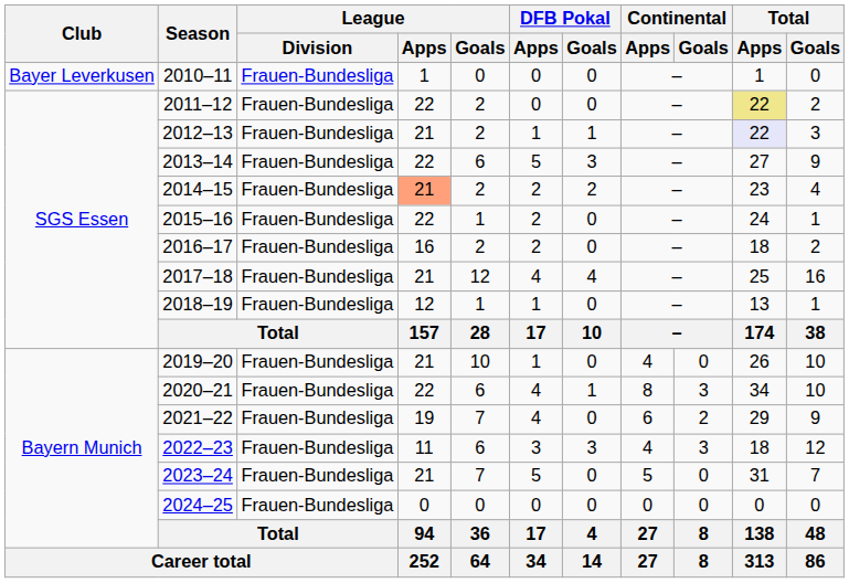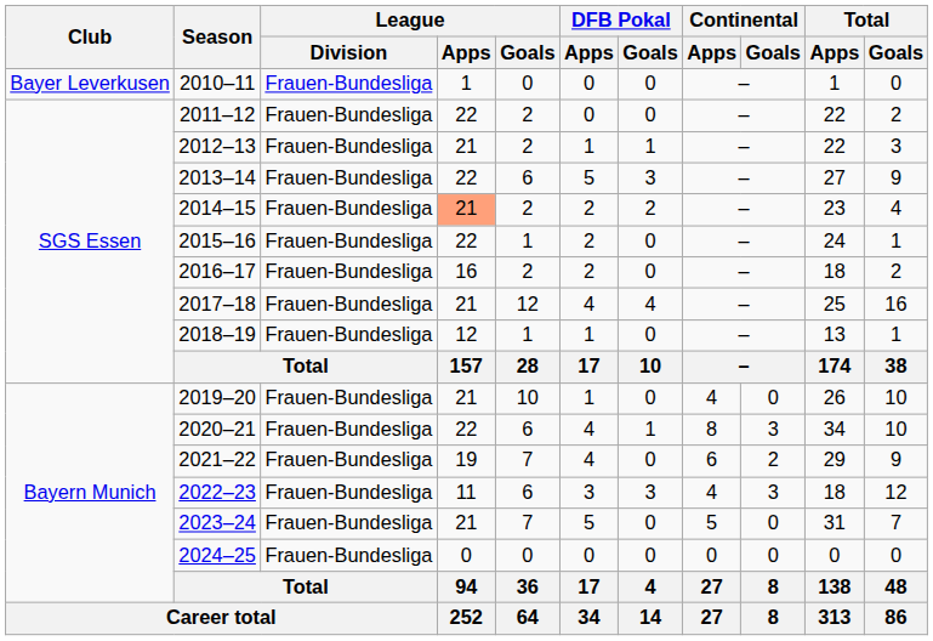 <table class="wikitable" style="text-align:center">
 <tr>
 <th rowspan="2">Club</th>
 <th rowspan="2">Season</th>
 <th colspan="3">League</th>
 <th colspan="2"><a href='#'>DFB Pokal</a></th>
 <th colspan="2">Continental</th>
 <th colspan="2">Total</th>
 </tr>
 <tr>
 <th>Division</th>
 <th>Apps</th>
 <th>Goals</th>
 <th>Apps</th>
 <th>Goals</th>
 <th>Apps</th>
 <th>Goals</th>
 <th>Apps</th>
 <th>Goals</th>
 </tr>
 <tr>
 <td><a href='#'>Bayer Leverkusen</a></td>
 <td>2010–11</td>
 <td><a href='#'>Frauen-Bundesliga</a></td>
 <td>1</td>
 <td>0</td>
 <td>0</td>
 <td>0</td>
 <td colspan="2">–</td>
 <td>1</td>
 <td>0</td>
 </tr>
 <tr>
 <td rowspan="9"><a href='#'>SGS Essen</a></td>
 <td>2011–12</td>
 <td>Frauen-Bundesliga</td>
 <td>22</td>
 <td>2</td>
 <td>0</td>
 <td>0</td>
 <td colspan="2">–</td>
-<td style="background: khaki;">22</td>
+<td>22</td>
 <td>2</td>
 </tr>
 <tr>
 <td>2012–13</td>
 <td>Frauen-Bundesliga</td>
 <td>21</td>
 <td>2</td>
 <td>1</td>
 <td>1</td>
 <td colspan="2">–</td>
-<td style="background: lavender;">22</td>
+<td>22</td>
 <td>3</td>
 </tr>
 <tr>
 <td>2013–14</td>
 <td>Frauen-Bundesliga</td>
 <td>22</td>
 <td>6</td>
 <td>5</td>
 <td>3</td>
 <td colspan="2">–</td>
 <td>27</td>
 <td>9</td>
 </tr>
 <tr>
 <td>2014–15</td>
 <td>Frauen-Bundesliga</td>
 <td style="background: lightsalmon;">21</td>
 <td>2</td>
 <td>2</td>
 <td>2</td>
 <td colspan="2">–</td>
 <td>23</td>
 <td>4</td>
 </tr>
 <tr>
 <td>2015–16</td>
 <td>Frauen-Bundesliga</td>
 <td>22</td>
 <td>1</td>
 <td>2</td>
 <td>0</td>
 <td colspan="2">–</td>
 <td>24</td>
 <td>1</td>
 </tr>
 <tr>
 <td>2016–17</td>
 <td>Frauen-Bundesliga</td>
 <td>16</td>
 <td>2</td>
 <td>2</td>
 <td>0</td>
 <td colspan="2">–</td>
 <td>18</td>
 <td>2</td>
 </tr>
 <tr>
 <td>2017–18</td>
 <td>Frauen-Bundesliga</td>
 <td>21</td>
 <td>12</td>
 <td>4</td>
 <td>4</td>
 <td colspan="2">–</td>
 <td>25</td>
 <td>16</td>
 </tr>
 <tr>
 <td>2018–19</td>
 <td>Frauen-Bundesliga</td>
 <td>12</td>
 <td>1</td>
 <td>1</td>
 <td>0</td>
 <td colspan="2">–</td>
 <td>13</td>
 <td>1</td>
 </tr>
 <tr>
 <th colspan="2">Total</th>
 <th>157</th>
 <th>28</th>
 <th>17</th>
 <th>10</th>
 <th colspan="2">–</th>
 <th>174</th>
 <th>38</th>
 </tr>
 <tr>
 <td rowspan="7"><a href='#'>Bayern Munich</a></td>
 <td>2019–20</td>
 <td>Frauen-Bundesliga</td>
 <td>21</td>
 <td>10</td>
 <td>1</td>
 <td>0</td>
 <td>4</td>
 <td>0</td>
 <td>26</td>
 <td>10</td>
 </tr>
 <tr>
 <td>2020–21</td>
 <td>Frauen-Bundesliga</td>
 <td>22</td>
 <td>6</td>
 <td>4</td>
 <td>1</td>
 <td>8</td>
 <td>3</td>
 <td>34</td>
 <td>10</td>
 </tr>
 <tr>
 <td>2021–22</td>
 <td>Frauen-Bundesliga</td>
 <td>19</td>
 <td>7</td>
 <td>4</td>
 <td>0</td>
 <td>6</td>
 <td>2</td>
 <td>29</td>
 <td>9</td>
 </tr>
 <tr>
 <td><a href='#'>2022–23</a></td>
 <td>Frauen-Bundesliga</td>
 <td>11</td>
 <td>6</td>
 <td>3</td>
 <td>3</td>
 <td>4</td>
 <td>3</td>
 <td>18</td>
 <td>12</td>
 </tr>
 <tr>
 <td><a href='#'>2023–24</a></td>
 <td>Frauen-Bundesliga</td>
 <td>21</td>
 <td>7</td>
 <td>5</td>
 <td>0</td>
 <td>5</td>
 <td>0</td>
 <td>31</td>
 <td>7</td>
 </tr>
 <tr>
 <td><a href='#'>2024–25</a></td>
 <td>Frauen-Bundesliga</td>
 <td>0</td>
 <td>0</td>
 <td>0</td>
 <td>0</td>
 <td>0</td>
 <td>0</td>
 <td>0</td>
 <td>0</td>
 </tr>
 <tr>
 <th colspan="2">Total</th>
 <th>94</th>
 <th>36</th>
 <th>17</th>
 <th>4</th>
 <th>27</th>
 <th>8</th>
 <th>138</th>
 <th>48</th>
 </tr>
 <tr>
 <th colspan="3">Career total</th>
 <th>252</th>
 <th>64</th>
 <th>34</th>
 <th>14</th>
 <th>27</th>
 <th>8</th>
 <th>313</th>
 <th>86</th>
 </tr>
 </table>
